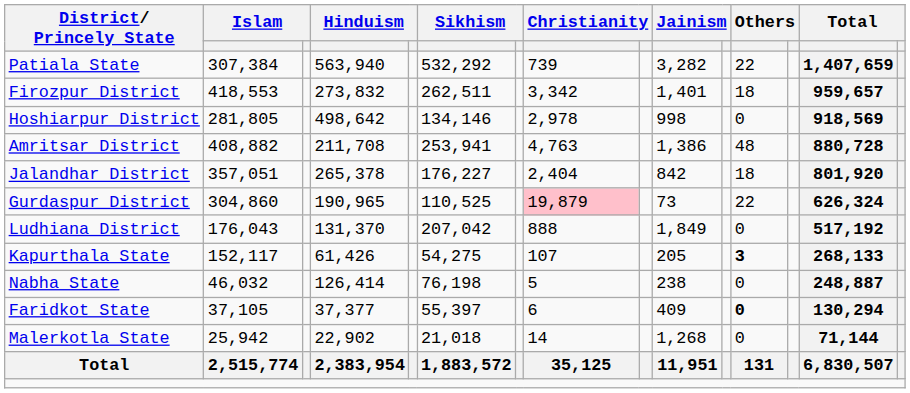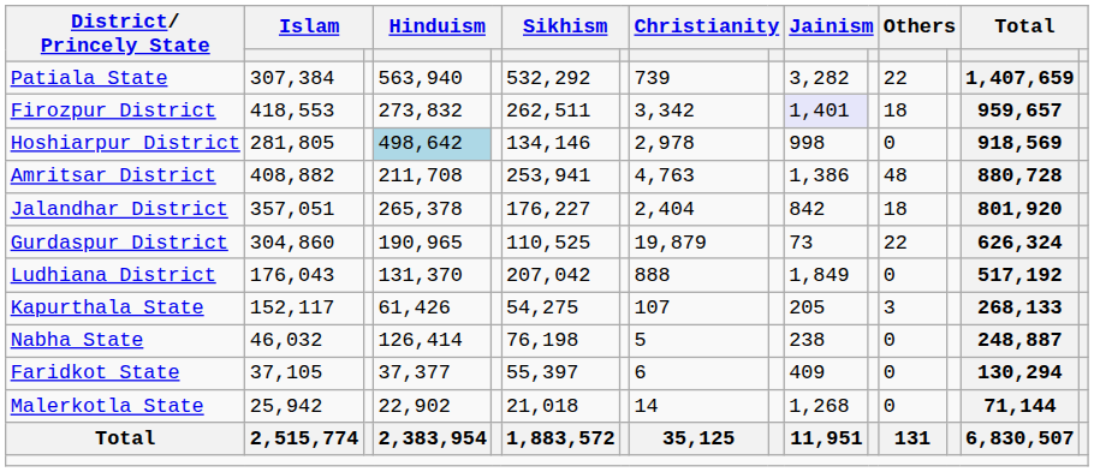 <table class="wikitable sortable mw-collapsible">
 <tr>
 <th rowspan="2"><a href='#'>District</a>/<br><a href='#'>Princely State</a></th>
 <th colspan="2"><a href='#'>Islam</a> </th>
 <th colspan="2"><a href='#'>Hinduism</a> </th>
 <th colspan="2"><a href='#'>Sikhism</a> </th>
 <th colspan="2"><a href='#'>Christianity</a> </th>
 <th colspan="2"><a href='#'>Jainism</a> </th>
 <th colspan="2">Others</th>
 <th colspan="2">Total</th>
 </tr>
 <tr>
 <th><a href='#'></a></th>
 <th></th>
 <th></th>
 <th></th>
 <th></th>
 <th></th>
 <th></th>
 <th></th>
 <th></th>
 <th></th>
 <th></th>
 <th></th>
 <th></th>
 <th></th>
 </tr>
 <tr>
 <td><a href='#'>Patiala State</a></td>
 <td>307,384</td>
 <td></td>
 <td>563,940</td>
 <td></td>
 <td>532,292</td>
 <td></td>
 <td>739</td>
 <td></td>
 <td>3,282</td>
 <td></td>
 <td>22</td>
 <td></td>
 <th>1,407,659</th>
 <th></th>
 </tr>
 <tr>
 <td><a href='#'>Firozpur District</a></td>
 <td>418,553</td>
 <td></td>
 <td>273,832</td>
 <td></td>
 <td>262,511</td>
 <td></td>
 <td>3,342</td>
 <td></td>
-<td>1,401</td>
+<td style="background: lavender;">1,401</td>
 <td></td>
 <td>18</td>
 <td></td>
 <th>959,657</th>
 <th></th>
 </tr>
 <tr>
 <td><a href='#'>Hoshiarpur District</a></td>
 <td>281,805</td>
 <td></td>
-<td>498,642</td>
+<td style="background: lightblue;">498,642</td>
 <td></td>
 <td>134,146</td>
 <td></td>
 <td>2,978</td>
 <td></td>
 <td>998</td>
 <td></td>
 <td>0</td>
 <td></td>
 <th>918,569</th>
 <th></th>
 </tr>
 <tr>
 <td><a href='#'>Amritsar District</a></td>
 <td>408,882</td>
 <td></td>
 <td>211,708</td>
 <td></td>
 <td>253,941</td>
 <td></td>
 <td>4,763</td>
 <td></td>
 <td>1,386</td>
 <td></td>
 <td>48</td>
 <td></td>
 <th>880,728</th>
 <th></th>
 </tr>
 <tr>
 <td><a href='#'>Jalandhar District</a></td>
 <td>357,051</td>
 <td></td>
 <td>265,378</td>
 <td></td>
 <td>176,227</td>
 <td></td>
 <td>2,404</td>
 <td></td>
 <td>842</td>
 <td></td>
 <td>18</td>
 <td></td>
 <th>801,920</th>
 <th></th>
 </tr>
 <tr>
 <td><a href='#'>Gurdaspur District</a></td>
 <td>304,860</td>
 <td></td>
 <td>190,965</td>
 <td></td>
 <td>110,525</td>
 <td></td>
-<td style="background: pink;">19,879</td>
+<td>19,879</td>
 <td></td>
 <td>73</td>
 <td></td>
 <td>22</td>
 <td></td>
 <th>626,324</th>
 <th></th>
 </tr>
 <tr>
 <td><a href='#'>Ludhiana District</a></td>
 <td>176,043</td>
 <td></td>
 <td>131,370</td>
 <td></td>
 <td>207,042</td>
 <td></td>
 <td>888</td>
 <td></td>
 <td>1,849</td>
 <td></td>
 <td>0</td>
 <td></td>
 <th>517,192</th>
 <th></th>
 </tr>
 <tr>
 <td><a href='#'>Kapurthala State</a></td>
 <td>152,117</td>
 <td></td>
 <td>61,426</td>
 <td></td>
 <td>54,275</td>
 <td></td>
 <td>107</td>
 <td></td>
 <td>205</td>
 <td></td>
-<td><strong>3</strong></td>
+<td>3</td>
 <td></td>
 <th>268,133</th>
 <th></th>
 </tr>
 <tr>
 <td><a href='#'>Nabha State</a></td>
 <td>46,032</td>
 <td></td>
 <td>126,414</td>
 <td></td>
 <td>76,198</td>
 <td></td>
 <td>5</td>
 <td></td>
 <td>238</td>
 <td></td>
 <td>0</td>
 <td></td>
 <th>248,887</th>
 <th></th>
 </tr>
 <tr>
 <td><a href='#'>Faridkot State</a></td>
 <td>37,105</td>
 <td></td>
 <td>37,377</td>
 <td></td>
 <td>55,397</td>
 <td></td>
 <td>6</td>
 <td></td>
 <td>409</td>
 <td></td>
-<td><strong>0</strong></td>
+<td>0</td>
 <td></td>
 <th>130,294</th>
 <th></th>
 </tr>
 <tr>
 <td><a href='#'>Malerkotla State</a></td>
 <td>25,942</td>
 <td></td>
 <td>22,902</td>
 <td></td>
 <td>21,018</td>
 <td></td>
 <td>14</td>
 <td></td>
 <td>1,268</td>
 <td></td>
 <td>0</td>
 <td></td>
 <th>71,144</th>
 <th></th>
 </tr>
 <tr>
 <th>Total</th>
 <th>2,515,774</th>
 <th></th>
 <th>2,383,954</th>
 <th></th>
 <th>1,883,572</th>
 <th></th>
 <th>35,125</th>
 <th></th>
 <th>11,951</th>
 <th></th>
 <th>131</th>
 <th></th>
 <th>6,830,507</th>
 <th></th>
 </tr>
 <tr class="sortbottom">
 <td colspan="15"></td>
 </tr>
 </table>
